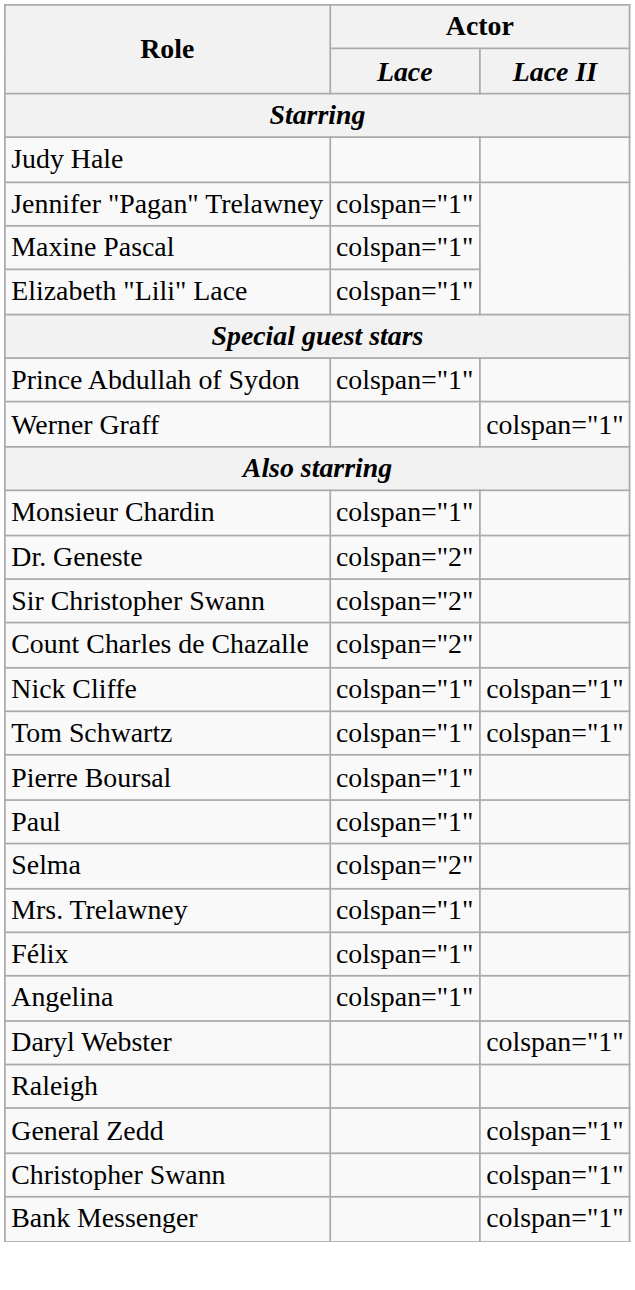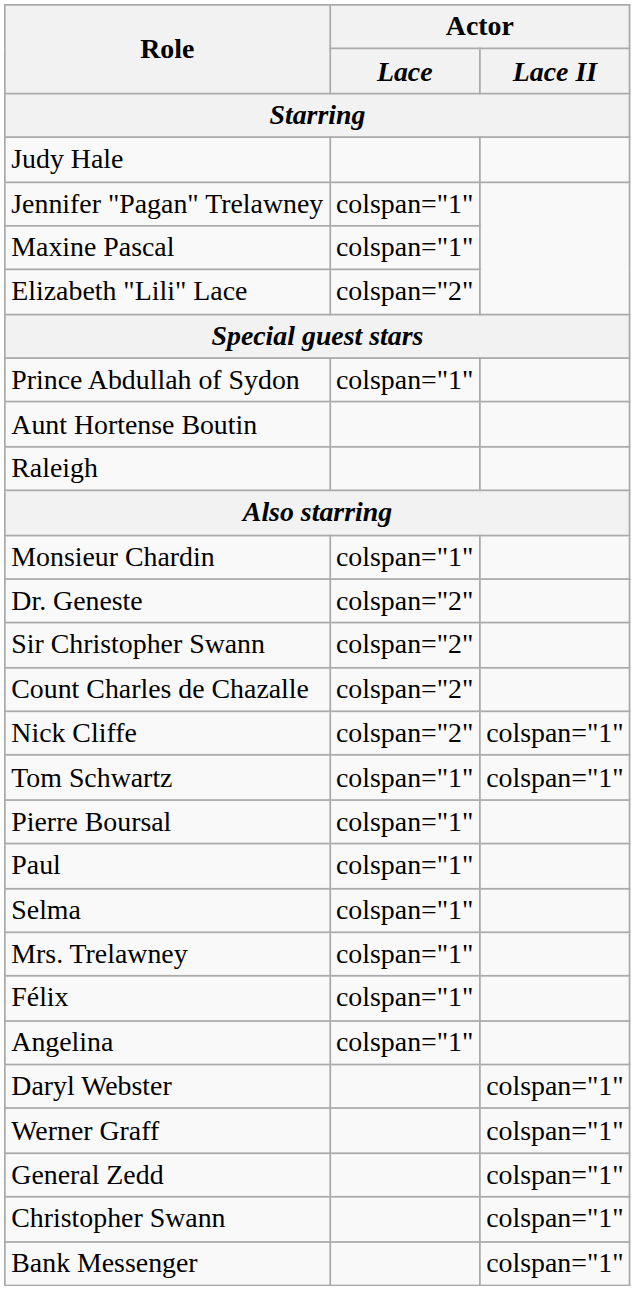 <table class="wikitable">
 <tr>
 <th rowspan="2">Role</th>
 <th colspan="2">Actor</th>
 </tr>
 <tr>
 <th><em>Lace</em></th>
 <th><em>Lace II</em></th>
 </tr>
 <tr>
 <th colspan="3"><em>Starring</em></th>
 </tr>
 <tr>
 <td>Judy Hale</td>
 <td></td>
 <td></td>
 </tr>
 <tr>
 <td>Jennifer "Pagan" Trelawney</td>
 <td>colspan="1" </td>
 </tr>
 <tr>
 <td>Maxine Pascal</td>
 <td>colspan="1" </td>
 </tr>
 <tr>
 <td>Elizabeth "Lili" Lace</td>
-<td>colspan="1" </td>
+<td>colspan="2" </td>
 </tr>
 <tr>
 <th colspan="3"><em>Special guest stars</em></th>
 </tr>
 <tr>
 <td>Prince Abdullah of Sydon</td>
 <td>colspan="1" </td>
 </tr>
 <tr>
-<td>Werner Graff</td>
+<td>Aunt Hortense Boutin</td>
 <td></td>
-<td>colspan="1" </td>
+<td></td>
+</tr>
+<tr>
+<td>Raleigh</td>
+<td></td>
+<td></td>
 </tr>
 <tr>
 <th colspan="3"><em>Also starring</em></th>
 </tr>
 <tr>
 <td>Monsieur Chardin</td>
 <td>colspan="1" </td>
 <td></td>
 </tr>
 <tr>
 <td>Dr. Geneste</td>
 <td>colspan="2" </td>
 <td></td>
 </tr>
 <tr>
 <td>Sir Christopher Swann</td>
 <td>colspan="2" </td>
 <td></td>
 </tr>
 <tr>
 <td>Count Charles de Chazalle</td>
 <td>colspan="2" </td>
 <td></td>
 </tr>
 <tr>
 <td>Nick Cliffe</td>
-<td>colspan="1" </td>
+<td>colspan="2" </td>
 <td>colspan="1" </td>
 </tr>
 <tr>
 <td>Tom Schwartz</td>
 <td>colspan="1" </td>
 <td>colspan="1" </td>
 </tr>
 <tr>
 <td>Pierre Boursal</td>
 <td>colspan="1" </td>
 </tr>
 <tr>
 <td>Paul</td>
 <td>colspan="1" </td>
 <td></td>
 </tr>
 <tr>
 <td>Selma</td>
-<td>colspan="2" </td>
+<td>colspan="1" </td>
 <td></td>
 </tr>
 <tr>
 <td>Mrs. Trelawney</td>
 <td>colspan="1" </td>
 <td></td>
 </tr>
 <tr>
 <td>Félix</td>
 <td>colspan="1" </td>
 <td></td>
 </tr>
 <tr>
 <td>Angelina</td>
 <td>colspan="1" </td>
 <td></td>
 </tr>
 <tr>
 <td>Daryl Webster</td>
 <td></td>
 <td>colspan="1" </td>
 </tr>
 <tr>
-<td>Raleigh</td>
+<td>Werner Graff</td>
 <td></td>
-<td></td>
+<td>colspan="1" </td>
 </tr>
 <tr>
 <td>General Zedd</td>
 <td></td>
 <td>colspan="1" </td>
 </tr>
 <tr>
 <td>Christopher Swann</td>
 <td></td>
 <td>colspan="1" </td>
 </tr>
 <tr>
 <td>Bank Messenger</td>
 <td></td>
 <td>colspan="1" </td>
 </tr>
 </table>
